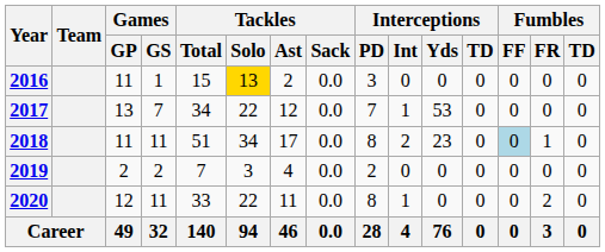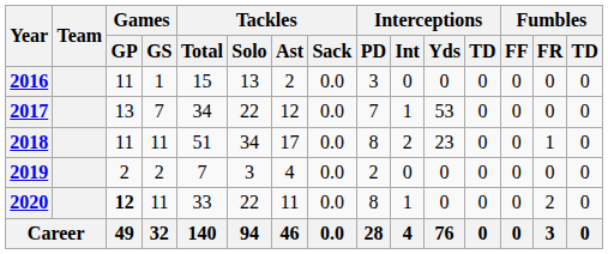 <table class="wikitable" style="text-align:center;">
 <tr>
 <th rowspan="2">Year</th>
 <th rowspan="2">Team</th>
 <th colspan="2">Games</th>
 <th colspan="4">Tackles</th>
 <th colspan="4">Interceptions</th>
 <th colspan="3">Fumbles</th>
 </tr>
 <tr>
 <th>GP</th>
 <th>GS</th>
 <th>Total</th>
 <th>Solo</th>
 <th>Ast</th>
 <th>Sack</th>
 <th>PD</th>
 <th>Int</th>
 <th>Yds</th>
 <th>TD</th>
 <th>FF</th>
 <th>FR</th>
 <th>TD</th>
 </tr>
 <tr>
 <th><a href='#'>2016</a></th>
 <th><a href='#'></a></th>
 <td>11</td>
 <td>1</td>
 <td>15</td>
-<td style="background: gold;">13</td>
+<td>13</td>
 <td>2</td>
 <td>0.0</td>
 <td>3</td>
 <td>0</td>
 <td>0</td>
 <td>0</td>
 <td>0</td>
 <td>0</td>
 <td>0</td>
 </tr>
 <tr>
 <th><a href='#'>2017</a></th>
 <th><a href='#'></a></th>
 <td>13</td>
 <td>7</td>
 <td>34</td>
 <td>22</td>
 <td>12</td>
 <td>0.0</td>
 <td>7</td>
 <td>1</td>
 <td>53</td>
 <td>0</td>
 <td>0</td>
 <td>0</td>
 <td>0</td>
 </tr>
 <tr>
 <th><a href='#'>2018</a></th>
 <th><a href='#'></a></th>
 <td>11</td>
 <td>11</td>
 <td>51</td>
 <td>34</td>
 <td>17</td>
 <td>0.0</td>
 <td>8</td>
 <td>2</td>
 <td>23</td>
 <td>0</td>
-<td style="background: lightblue;">0</td>
+<td>0</td>
 <td>1</td>
 <td>0</td>
 </tr>
 <tr>
 <th><a href='#'>2019</a></th>
 <th><a href='#'></a></th>
 <td>2</td>
 <td>2</td>
 <td>7</td>
 <td>3</td>
 <td>4</td>
 <td>0.0</td>
 <td>2</td>
 <td>0</td>
 <td>0</td>
 <td>0</td>
 <td>0</td>
 <td>0</td>
 <td>0</td>
 </tr>
 <tr>
 <th><a href='#'>2020</a></th>
 <th><a href='#'></a></th>
-<td>12</td>
+<td><strong>12</strong></td>
 <td>11</td>
 <td>33</td>
 <td>22</td>
 <td>11</td>
 <td>0.0</td>
 <td>8</td>
 <td>1</td>
 <td>0</td>
 <td>0</td>
 <td>0</td>
 <td>2</td>
 <td>0</td>
 </tr>
 <tr>
 <th align=center colspan="2">Career</th>
 <th>49</th>
 <th>32</th>
 <th>140</th>
 <th>94</th>
 <th>46</th>
 <th>0.0</th>
 <th>28</th>
 <th>4</th>
 <th>76</th>
 <th>0</th>
 <th>0</th>
 <th>3</th>
 <th>0</th>
 </tr>
 </table>
